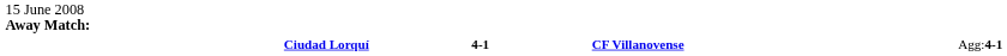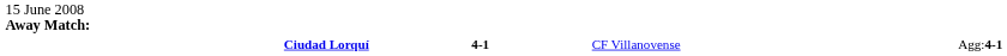 <table width=100% cellspacing=1>
 <tr>
 <th width=20%></th>
 <th width=12%></th>
 <th width=20%></th>
 <th></th>
 </tr>
 <tr>
 <td>15 June 2008<br><strong>Away Match:</strong></td>
 </tr>
 <tr style=font-size:90%>
 <td align=right><strong><a href='#'>Ciudad Lorquí</a></strong></td>
 <td align=center><strong>4-1</strong></td>
-<td><strong><a href='#'>CF Villanovense</a></strong></td>
+<td><a href='#'>CF Villanovense</a></td>
 <td>Agg:<strong>4-1</strong></td>
 </tr>
 </table>
